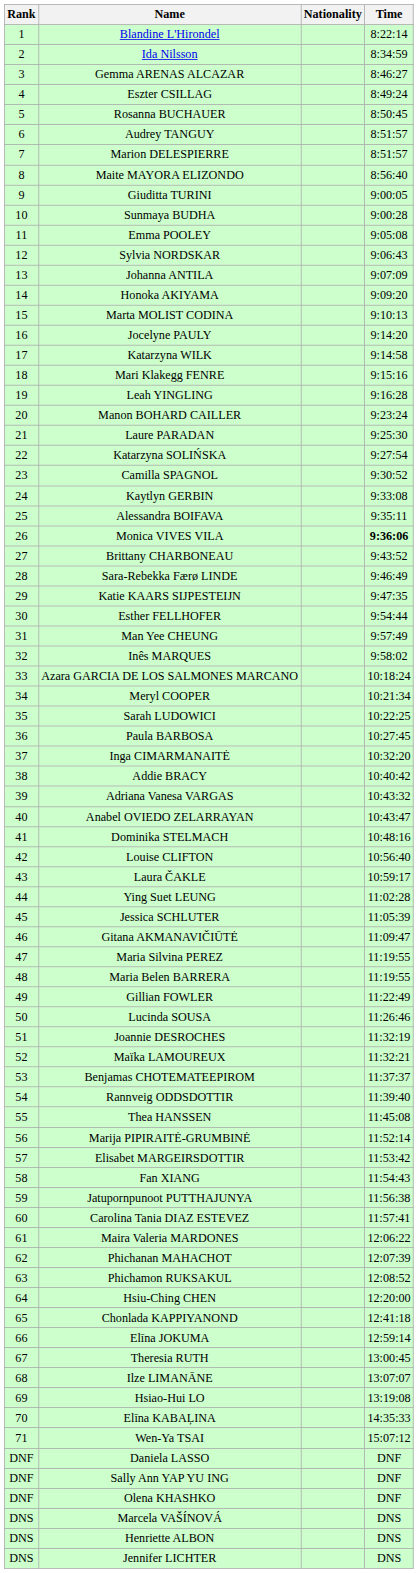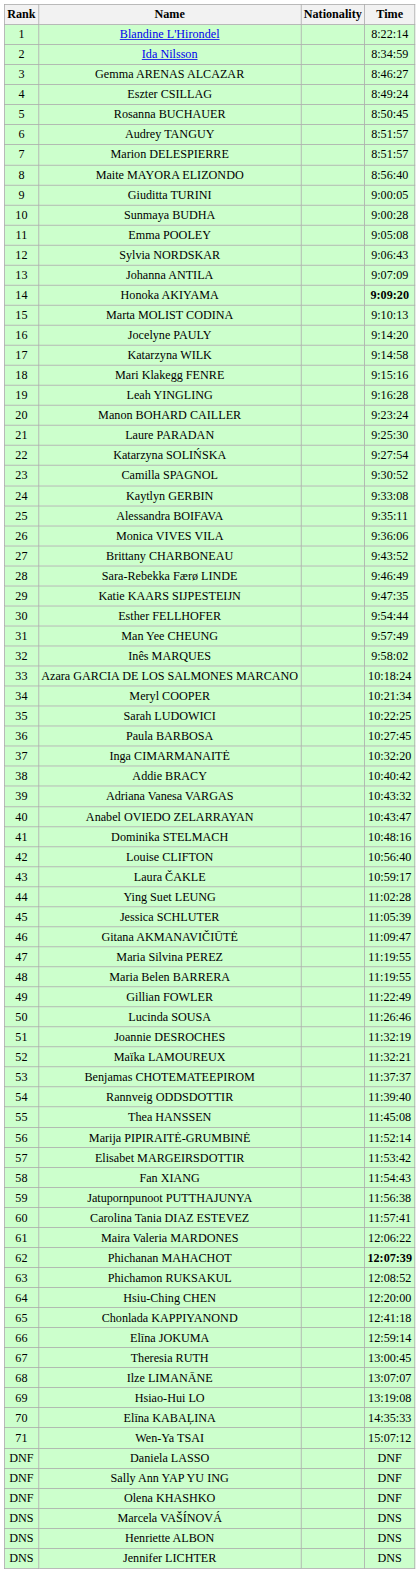 <table class="wikitable sortable" style="text-align:center;font-size:95%">
 <tr>
 <th>Rank</th>
 <th>Name</th>
 <th>Nationality</th>
 <th>Time</th>
 </tr>
 <tr bgcolor=ccffcc>
 <td>1</td>
 <td><a href='#'>Blandine L'Hirondel</a></td>
 <td></td>
 <td>8:22:14</td>
 </tr>
 <tr bgcolor=ccffcc>
 <td>2</td>
 <td><a href='#'>Ida Nilsson</a></td>
 <td></td>
 <td>8:34:59</td>
 </tr>
 <tr bgcolor=ccffcc>
 <td>3</td>
 <td>Gemma ARENAS ALCAZAR</td>
 <td></td>
 <td>8:46:27</td>
 </tr>
 <tr bgcolor=ccffcc>
 <td>4</td>
 <td>Eszter CSILLAG</td>
 <td></td>
 <td>8:49:24</td>
 </tr>
 <tr bgcolor=ccffcc>
 <td>5</td>
 <td>Rosanna BUCHAUER</td>
 <td></td>
 <td>8:50:45</td>
 </tr>
 <tr bgcolor=ccffcc>
 <td>6</td>
 <td>Audrey TANGUY</td>
 <td></td>
 <td>8:51:57</td>
 </tr>
 <tr bgcolor=ccffcc>
 <td>7</td>
 <td>Marion DELESPIERRE</td>
 <td></td>
 <td>8:51:57</td>
 </tr>
 <tr bgcolor=ccffcc>
 <td>8</td>
 <td>Maite MAYORA ELIZONDO</td>
 <td></td>
 <td>8:56:40</td>
 </tr>
 <tr bgcolor=ccffcc>
 <td>9</td>
 <td>Giuditta TURINI</td>
 <td></td>
 <td>9:00:05</td>
 </tr>
 <tr bgcolor=ccffcc>
 <td>10</td>
 <td>Sunmaya BUDHA</td>
 <td></td>
 <td>9:00:28</td>
 </tr>
 <tr bgcolor=ccffcc>
 <td>11</td>
 <td>Emma POOLEY</td>
 <td></td>
 <td>9:05:08</td>
 </tr>
 <tr bgcolor=ccffcc>
 <td>12</td>
 <td>Sylvia NORDSKAR</td>
 <td></td>
 <td>9:06:43</td>
 </tr>
 <tr bgcolor=ccffcc>
 <td>13</td>
 <td>Johanna ANTILA</td>
 <td></td>
 <td>9:07:09</td>
 </tr>
 <tr bgcolor=ccffcc>
 <td>14</td>
 <td>Honoka AKIYAMA</td>
 <td></td>
-<td>9:09:20</td>
+<td><strong>9:09:20</strong></td>
 </tr>
 <tr bgcolor=ccffcc>
 <td>15</td>
 <td>Marta MOLIST CODINA</td>
 <td></td>
 <td>9:10:13</td>
 </tr>
 <tr bgcolor=ccffcc>
 <td>16</td>
 <td>Jocelyne PAULY</td>
 <td></td>
 <td>9:14:20</td>
 </tr>
 <tr bgcolor=ccffcc>
 <td>17</td>
 <td>Katarzyna WILK</td>
 <td></td>
 <td>9:14:58</td>
 </tr>
 <tr bgcolor=ccffcc>
 <td>18</td>
 <td>Mari Klakegg FENRE</td>
 <td></td>
 <td>9:15:16</td>
 </tr>
 <tr bgcolor=ccffcc>
 <td>19</td>
 <td>Leah YINGLING</td>
 <td></td>
 <td>9:16:28</td>
 </tr>
 <tr bgcolor=ccffcc>
 <td>20</td>
 <td>Manon BOHARD CAILLER</td>
 <td></td>
 <td>9:23:24</td>
 </tr>
 <tr bgcolor=ccffcc>
 <td>21</td>
 <td>Laure PARADAN</td>
 <td></td>
 <td>9:25:30</td>
 </tr>
 <tr bgcolor=ccffcc>
 <td>22</td>
 <td>Katarzyna SOLIŃSKA</td>
 <td></td>
 <td>9:27:54</td>
 </tr>
 <tr bgcolor=ccffcc>
 <td>23</td>
 <td>Camilla SPAGNOL</td>
 <td></td>
 <td>9:30:52</td>
 </tr>
 <tr bgcolor=ccffcc>
 <td>24</td>
 <td>Kaytlyn GERBIN</td>
 <td></td>
 <td>9:33:08</td>
 </tr>
 <tr bgcolor=ccffcc>
 <td>25</td>
 <td>Alessandra BOIFAVA</td>
 <td></td>
 <td>9:35:11</td>
 </tr>
 <tr bgcolor=ccffcc>
 <td>26</td>
 <td>Monica VIVES VILA</td>
 <td></td>
-<td><strong>9:36:06</strong></td>
+<td>9:36:06</td>
 </tr>
 <tr bgcolor=ccffcc>
 <td>27</td>
 <td>Brittany CHARBONEAU</td>
 <td></td>
 <td>9:43:52</td>
 </tr>
 <tr bgcolor=ccffcc>
 <td>28</td>
 <td>Sara-Rebekka Færø LINDE</td>
 <td></td>
 <td>9:46:49</td>
 </tr>
 <tr bgcolor=ccffcc>
 <td>29</td>
 <td>Katie KAARS SIJPESTEIJN</td>
 <td></td>
 <td>9:47:35</td>
 </tr>
 <tr bgcolor=ccffcc>
 <td>30</td>
 <td>Esther FELLHOFER</td>
 <td></td>
 <td>9:54:44</td>
 </tr>
 <tr bgcolor=ccffcc>
 <td>31</td>
 <td>Man Yee CHEUNG</td>
 <td></td>
 <td>9:57:49</td>
 </tr>
 <tr bgcolor=ccffcc>
 <td>32</td>
 <td>Inês MARQUES</td>
 <td></td>
 <td>9:58:02</td>
 </tr>
 <tr bgcolor=ccffcc>
 <td>33</td>
 <td>Azara GARCIA DE LOS SALMONES MARCANO</td>
 <td></td>
 <td>10:18:24</td>
 </tr>
 <tr bgcolor=ccffcc>
 <td>34</td>
 <td>Meryl COOPER</td>
 <td></td>
 <td>10:21:34</td>
 </tr>
 <tr bgcolor=ccffcc>
 <td>35</td>
 <td>Sarah LUDOWICI</td>
 <td></td>
 <td>10:22:25</td>
 </tr>
 <tr bgcolor=ccffcc>
 <td>36</td>
 <td>Paula BARBOSA</td>
 <td></td>
 <td>10:27:45</td>
 </tr>
 <tr bgcolor=ccffcc>
 <td>37</td>
 <td>Inga CIMARMANAITĖ</td>
 <td></td>
 <td>10:32:20</td>
 </tr>
 <tr bgcolor=ccffcc>
 <td>38</td>
 <td>Addie BRACY</td>
 <td></td>
 <td>10:40:42</td>
 </tr>
 <tr bgcolor=ccffcc>
 <td>39</td>
 <td>Adriana Vanesa VARGAS</td>
 <td></td>
 <td>10:43:32</td>
 </tr>
 <tr bgcolor=ccffcc>
 <td>40</td>
 <td>Anabel OVIEDO ZELARRAYAN</td>
 <td></td>
 <td>10:43:47</td>
 </tr>
 <tr bgcolor=ccffcc>
 <td>41</td>
 <td>Dominika STELMACH</td>
 <td></td>
 <td>10:48:16</td>
 </tr>
 <tr bgcolor=ccffcc>
 <td>42</td>
 <td>Louise CLIFTON</td>
 <td></td>
 <td>10:56:40</td>
 </tr>
 <tr bgcolor=ccffcc>
 <td>43</td>
 <td>Laura ČAKLE</td>
 <td></td>
 <td>10:59:17</td>
 </tr>
 <tr bgcolor=ccffcc>
 <td>44</td>
 <td>Ying Suet LEUNG</td>
 <td></td>
 <td>11:02:28</td>
 </tr>
 <tr bgcolor=ccffcc>
 <td>45</td>
 <td>Jessica SCHLUTER</td>
 <td></td>
 <td>11:05:39</td>
 </tr>
 <tr bgcolor=ccffcc>
 <td>46</td>
 <td>Gitana AKMANAVIČIŪTĖ</td>
 <td></td>
 <td>11:09:47</td>
 </tr>
 <tr bgcolor=ccffcc>
 <td>47</td>
 <td>Maria Silvina PEREZ</td>
 <td></td>
 <td>11:19:55</td>
 </tr>
 <tr bgcolor=ccffcc>
 <td>48</td>
 <td>Maria Belen BARRERA</td>
 <td></td>
 <td>11:19:55</td>
 </tr>
 <tr bgcolor=ccffcc>
 <td>49</td>
 <td>Gillian FOWLER</td>
 <td></td>
 <td>11:22:49</td>
 </tr>
 <tr bgcolor=ccffcc>
 <td>50</td>
 <td>Lucinda SOUSA</td>
 <td></td>
 <td>11:26:46</td>
 </tr>
 <tr bgcolor=ccffcc>
 <td>51</td>
 <td>Joannie DESROCHES</td>
 <td></td>
 <td>11:32:19</td>
 </tr>
 <tr bgcolor=ccffcc>
 <td>52</td>
 <td>Maïka LAMOUREUX</td>
 <td></td>
 <td>11:32:21</td>
 </tr>
 <tr bgcolor=ccffcc>
 <td>53</td>
 <td>Benjamas CHOTEMATEEPIROM</td>
 <td></td>
 <td>11:37:37</td>
 </tr>
 <tr bgcolor=ccffcc>
 <td>54</td>
 <td>Rannveig ODDSDOTTIR</td>
 <td></td>
 <td>11:39:40</td>
 </tr>
 <tr bgcolor=ccffcc>
 <td>55</td>
 <td>Thea HANSSEN</td>
 <td></td>
 <td>11:45:08</td>
 </tr>
 <tr bgcolor=ccffcc>
 <td>56</td>
 <td>Marija PIPIRAITĖ-GRUMBINĖ</td>
 <td></td>
 <td>11:52:14</td>
 </tr>
 <tr bgcolor=ccffcc>
 <td>57</td>
 <td>Elisabet MARGEIRSDOTTIR</td>
 <td></td>
 <td>11:53:42</td>
 </tr>
 <tr bgcolor=ccffcc>
 <td>58</td>
 <td>Fan XIANG</td>
 <td></td>
 <td>11:54:43</td>
 </tr>
 <tr bgcolor=ccffcc>
 <td>59</td>
 <td>Jatupornpunoot PUTTHAJUNYA</td>
 <td></td>
 <td>11:56:38</td>
 </tr>
 <tr bgcolor=ccffcc>
 <td>60</td>
 <td>Carolina Tania DIAZ ESTEVEZ</td>
 <td></td>
 <td>11:57:41</td>
 </tr>
 <tr bgcolor=ccffcc>
 <td>61</td>
 <td>Maira Valeria MARDONES</td>
 <td></td>
 <td>12:06:22</td>
 </tr>
 <tr bgcolor=ccffcc>
 <td>62</td>
 <td>Phichanan MAHACHOT</td>
 <td></td>
-<td>12:07:39</td>
+<td><strong>12:07:39</strong></td>
 </tr>
 <tr bgcolor=ccffcc>
 <td>63</td>
 <td>Phichamon RUKSAKUL</td>
 <td></td>
 <td>12:08:52</td>
 </tr>
 <tr bgcolor=ccffcc>
 <td>64</td>
 <td>Hsiu-Ching CHEN</td>
 <td></td>
 <td>12:20:00</td>
 </tr>
 <tr bgcolor=ccffcc>
 <td>65</td>
 <td>Chonlada KAPPIYANOND</td>
 <td></td>
 <td>12:41:18</td>
 </tr>
 <tr bgcolor=ccffcc>
 <td>66</td>
 <td>Elīna JOKUMA</td>
 <td></td>
 <td>12:59:14</td>
 </tr>
 <tr bgcolor=ccffcc>
 <td>67</td>
 <td>Theresia RUTH</td>
 <td></td>
 <td>13:00:45</td>
 </tr>
 <tr bgcolor=ccffcc>
 <td>68</td>
 <td>Ilze LIMANĀNE</td>
 <td></td>
 <td>13:07:07</td>
 </tr>
 <tr bgcolor=ccffcc>
 <td>69</td>
 <td>Hsiao-Hui LO</td>
 <td></td>
 <td>13:19:08</td>
 </tr>
 <tr bgcolor=ccffcc>
 <td>70</td>
 <td>Elīna KABAĻINA</td>
 <td></td>
 <td>14:35:33</td>
 </tr>
 <tr bgcolor=ccffcc>
 <td>71</td>
 <td>Wen-Ya TSAI</td>
 <td></td>
 <td>15:07:12</td>
 </tr>
 <tr bgcolor=ccffcc>
 <td>DNF</td>
 <td>Daniela LASSO</td>
 <td></td>
 <td>DNF</td>
 </tr>
 <tr bgcolor=ccffcc>
 <td>DNF</td>
 <td>Sally Ann YAP YU ING</td>
 <td></td>
 <td>DNF</td>
 </tr>
 <tr bgcolor=ccffcc>
 <td>DNF</td>
 <td>Olena KHASHKO</td>
 <td></td>
 <td>DNF</td>
 </tr>
 <tr bgcolor=ccffcc>
 <td>DNS</td>
 <td>Marcela VAŠÍNOVÁ</td>
 <td></td>
 <td>DNS</td>
 </tr>
 <tr bgcolor=ccffcc>
 <td>DNS</td>
 <td>Henriette ALBON</td>
 <td></td>
 <td>DNS</td>
 </tr>
 <tr bgcolor=ccffcc>
 <td>DNS</td>
 <td>Jennifer LICHTER</td>
 <td></td>
 <td>DNS</td>
 </tr>
 </table>
